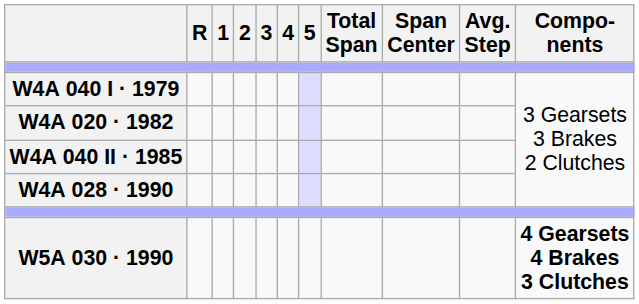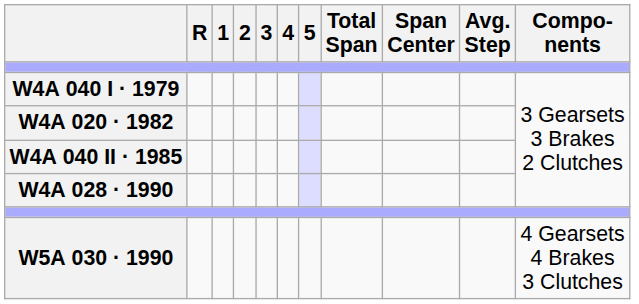 <table class="wikitable collapsible" style="text-align:center">
 <tr>
 <th></th>
 <th>R</th>
 <th>1</th>
 <th>2</th>
 <th>3</th>
 <th>4</th>
 <th>5</th>
 <th>Total<br>Span</th>
 <th>Span<br>Center</th>
 <th>Avg.<br>Step</th>
 <th>Compo-<br>nents</th>
 </tr>
 <tr>
 <td colspan=12 style="background:#AAF;"></td>
 </tr>
 <tr>
 <th>W4A 040 I · 1979</th>
 <td></td>
 <td></td>
 <td></td>
 <td></td>
 <td></td>
 <td style="background:#DDF;"></td>
 <td></td>
 <td></td>
 <td></td>
 <td rowspan=4>3 Gearsets<br>3 Brakes<br>2 Clutches</td>
 </tr>
 <tr>
 <th>W4A 020 · 1982</th>
 <td></td>
 <td></td>
 <td></td>
 <td></td>
 <td></td>
 <td style="background:#DDF;"></td>
 <td></td>
 <td></td>
 <td></td>
 </tr>
 <tr>
 <th>W4A 040 II · 1985</th>
 <td></td>
 <td></td>
 <td></td>
 <td></td>
 <td></td>
 <td style="background:#DDF;"></td>
 <td></td>
 <td></td>
 <td></td>
 </tr>
 <tr>
 <th>W4A 028 · 1990</th>
 <td></td>
 <td></td>
 <td></td>
 <td></td>
 <td></td>
 <td style="background:#DDF;"></td>
 <td></td>
 <td></td>
 <td></td>
 </tr>
 <tr>
 <td colspan=12 style="background:#AAF;"></td>
 </tr>
 <tr>
 <th>W5A 030 · 1990</th>
 <td></td>
 <td></td>
 <td></td>
 <td></td>
 <td></td>
 <td></td>
 <td></td>
 <td></td>
 <td></td>
-<td><strong>4 Gearsets<br>4 Brakes<br>3 Clutches</strong></td>
+<td>4 Gearsets<br>4 Brakes<br>3 Clutches</td>
 </tr>
 </table>
